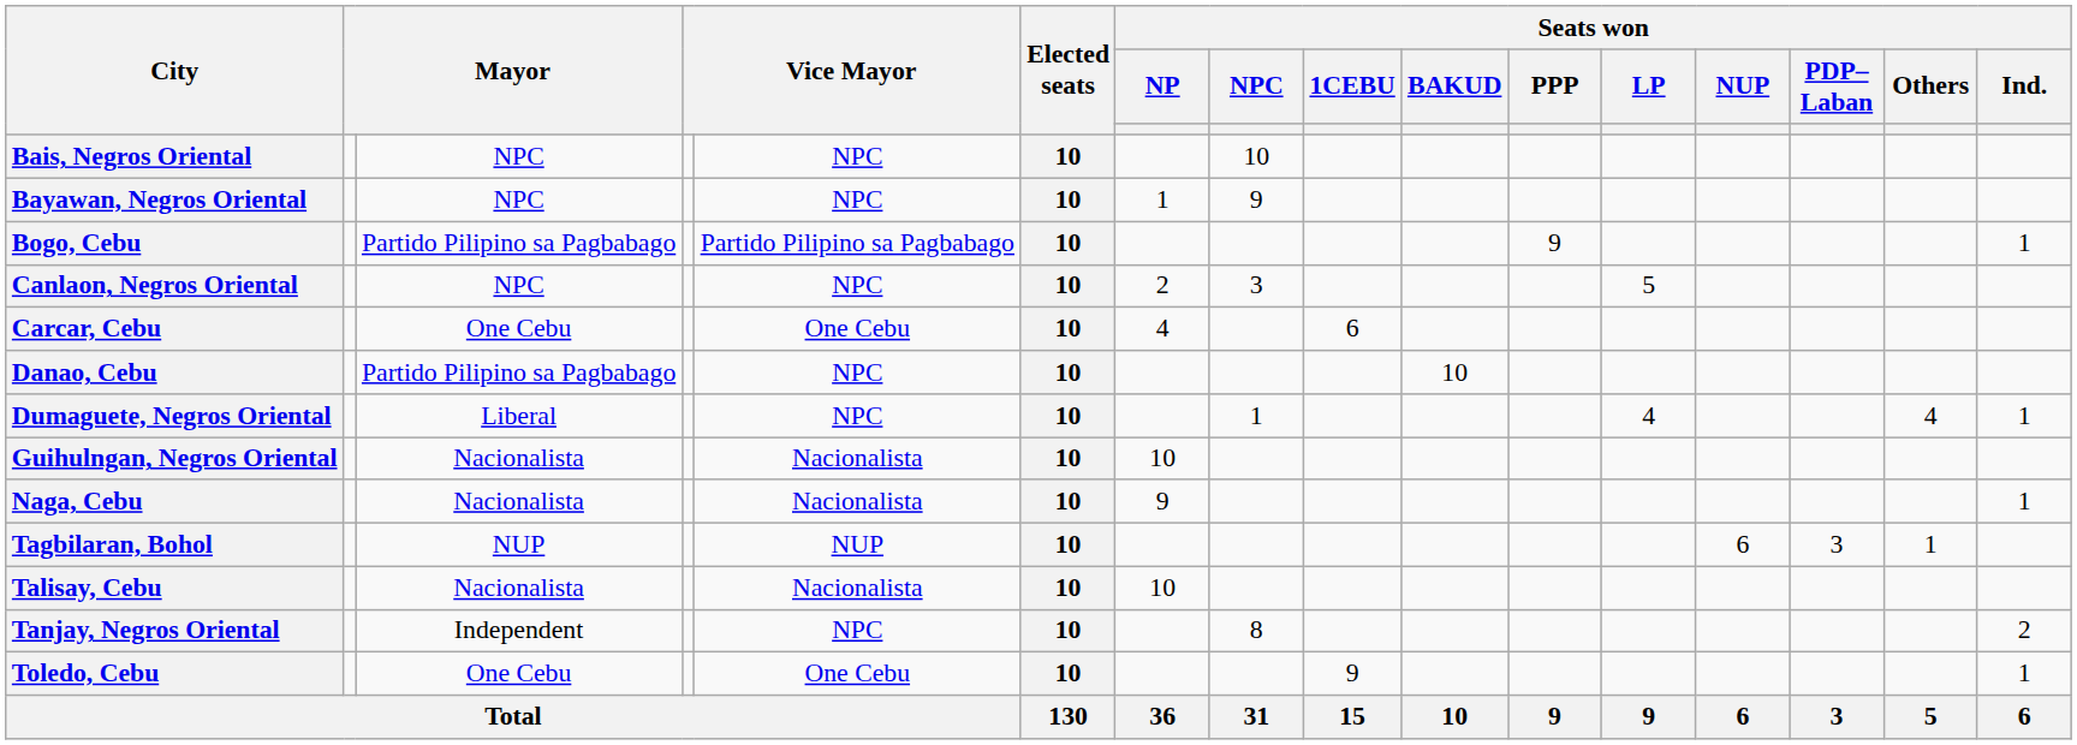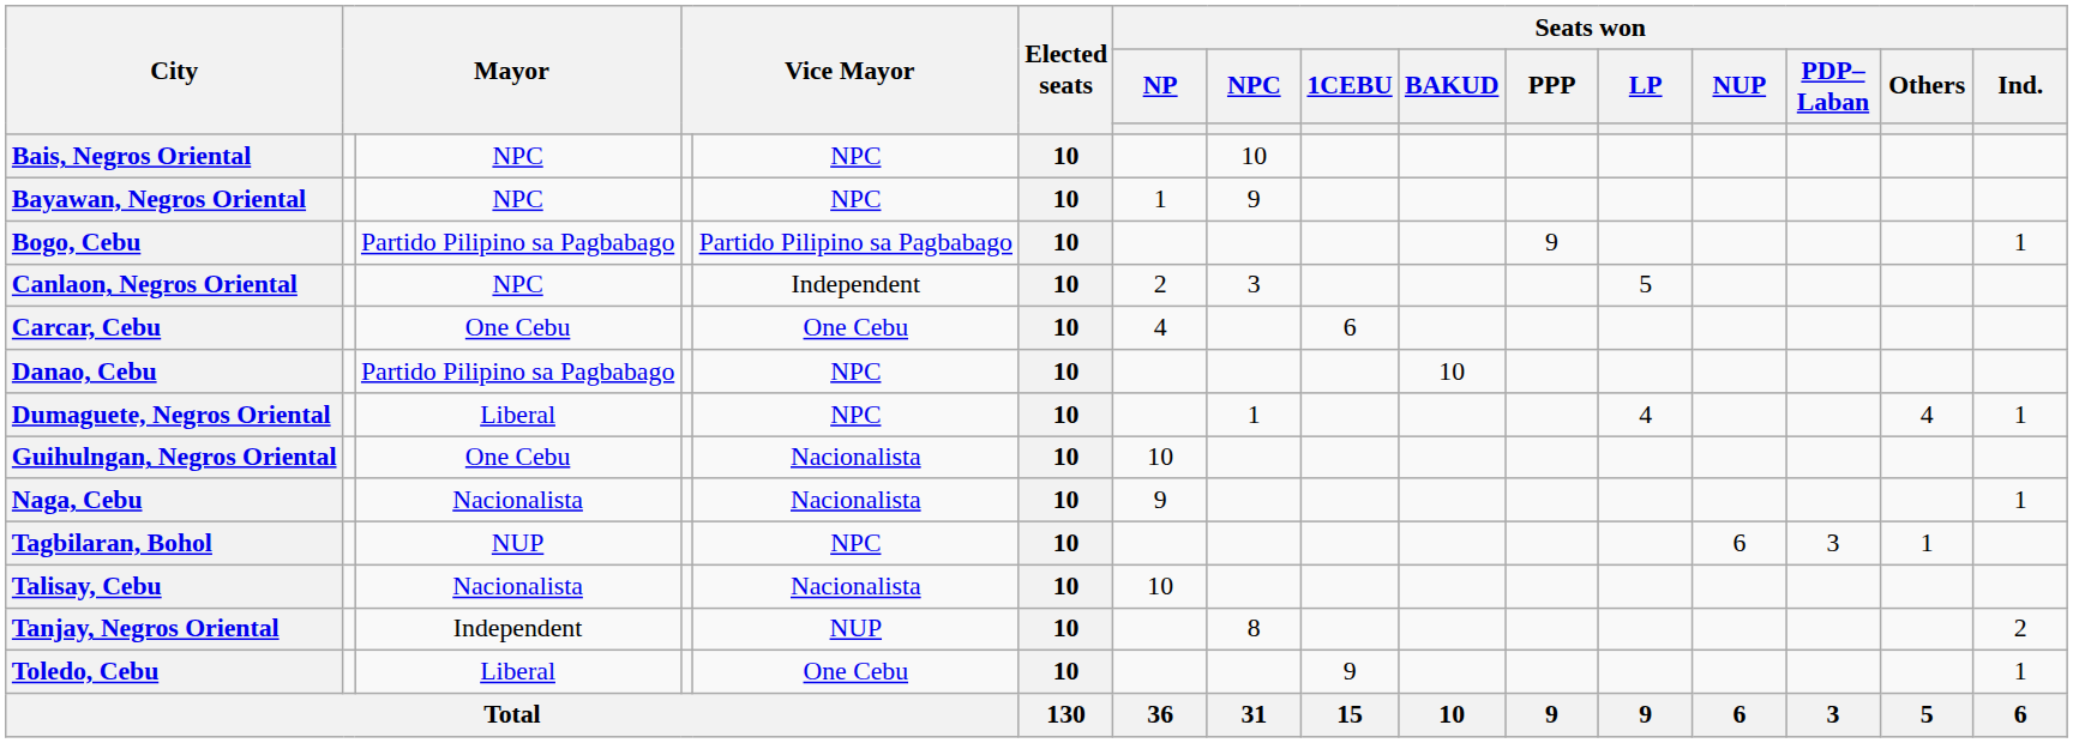 <table class="wikitable" style="text-align:center; font-size: 0.9em;">
 <tr>
 <th rowspan="3">City</th>
 <th colspan="2" rowspan="3" style="width:60px;">Mayor</th>
 <th colspan="2" rowspan="3" style="width:60px;">Vice Mayor</th>
 <th rowspan="3">Elected<br>seats</th>
 <th colspan="10">Seats won</th>
 </tr>
 <tr>
 <th class="unsortable" style="width:45px;"><a href='#'>NP</a></th>
 <th class="unsortable" style="width:45px;"><a href='#'>NPC</a></th>
 <th class="unsortable" style="width:45px;"><a href='#'>1CEBU</a></th>
 <th class="unsortable" style="width:45px;"><a href='#'>BAKUD</a></th>
 <th class="unsortable" style="width:45px;">PPP</th>
 <th class="unsortable" style="width:45px;"><a href='#'>LP</a></th>
 <th class="unsortable" style="width:45px;"><a href='#'>NUP</a></th>
 <th class="unsortable" style="width:45px;"><a href='#'>PDP–Laban</a></th>
 <th class="unsortable" style="width:45px;">Others</th>
 <th class="unsortable" style="width:45px;">Ind.</th>
 </tr>
 <tr>
 <th style="color:inherit;background:"></th>
 <th style="color:inherit;background:"></th>
 <th style="color:inherit;background:"></th>
 <th style="color:inherit;background:"></th>
 <th style="color:inherit;background:"></th>
 <th style="color:inherit;background:"></th>
 <th style="color:inherit;background:"></th>
 <th style="color:inherit;background:"></th>
 <th></th>
 <th style="color:inherit;background:"></th>
 </tr>
 <tr>
 <th style="text-align: left;"><a href='#'>Bais, Negros Oriental</a></th>
 <td style="color:inherit;background:"></td>
 <td><a href='#'>NPC</a></td>
 <td style="color:inherit;background:"></td>
 <td><a href='#'>NPC</a></td>
 <th>10</th>
 <td></td>
 <td>10</td>
 <td></td>
 <td></td>
 <td></td>
 <td></td>
 <td></td>
 <td></td>
 <td></td>
 <td></td>
 </tr>
 <tr>
 <th style="text-align: left;"><a href='#'>Bayawan, Negros Oriental</a></th>
 <td style="color:inherit;background:"></td>
 <td><a href='#'>NPC</a></td>
 <td style="color:inherit;background:"></td>
 <td><a href='#'>NPC</a></td>
 <th>10</th>
 <td>1</td>
 <td>9</td>
 <td></td>
 <td></td>
 <td></td>
 <td></td>
 <td></td>
 <td></td>
 <td></td>
 <td></td>
 </tr>
 <tr>
 <th style="text-align: left;"><a href='#'>Bogo, Cebu</a></th>
 <td style="color:inherit;background:"></td>
 <td><a href='#'>Partido Pilipino sa Pagbabago</a></td>
 <td style="color:inherit;background:"></td>
 <td><a href='#'>Partido Pilipino sa Pagbabago</a></td>
 <th>10</th>
 <td></td>
 <td></td>
 <td></td>
 <td></td>
 <td>9</td>
 <td></td>
 <td></td>
 <td></td>
 <td></td>
 <td>1</td>
 </tr>
 <tr>
 <th style="text-align: left;"><a href='#'>Canlaon, Negros Oriental</a></th>
 <td style="color:inherit;background:"></td>
 <td><a href='#'>NPC</a></td>
 <td style="color:inherit;background:"></td>
-<td><a href='#'>NPC</a></td>
+<td>Independent</td>
 <th>10</th>
 <td>2</td>
 <td>3</td>
 <td></td>
 <td></td>
 <td></td>
 <td>5</td>
 <td></td>
 <td></td>
 <td></td>
 <td></td>
 </tr>
 <tr>
 <th style="text-align: left;"><a href='#'>Carcar, Cebu</a></th>
 <td style="color:inherit;background:"></td>
 <td><a href='#'>One Cebu</a></td>
 <td style="color:inherit;background:"></td>
 <td><a href='#'>One Cebu</a></td>
 <th>10</th>
 <td>4</td>
 <td></td>
 <td>6</td>
 <td></td>
 <td></td>
 <td></td>
 <td></td>
 <td></td>
 <td></td>
 <td></td>
 </tr>
 <tr>
 <th style="text-align: left;"><a href='#'>Danao, Cebu</a></th>
 <td style="color:inherit;background:"></td>
 <td><a href='#'>Partido Pilipino sa Pagbabago</a></td>
 <td style="color:inherit;background:"></td>
 <td><a href='#'>NPC</a></td>
 <th>10</th>
 <td></td>
 <td></td>
 <td></td>
 <td>10</td>
 <td></td>
 <td></td>
 <td></td>
 <td></td>
 <td></td>
 <td></td>
 </tr>
 <tr>
 <th style="text-align: left;"><a href='#'>Dumaguete, Negros Oriental</a></th>
 <td style="color:inherit;background:"></td>
 <td><a href='#'>Liberal</a></td>
 <td style="color:inherit;background:"></td>
 <td><a href='#'>NPC</a></td>
 <th>10</th>
 <td></td>
 <td>1</td>
 <td></td>
 <td></td>
 <td></td>
 <td>4</td>
 <td></td>
 <td></td>
 <td>4 </td>
 <td>1</td>
 </tr>
 <tr>
 <th style="text-align: left;"><a href='#'>Guihulngan, Negros Oriental</a></th>
 <td style="color:inherit;background:"></td>
-<td><a href='#'>Nacionalista</a></td>
+<td><a href='#'>One Cebu</a></td>
 <td style="color:inherit;background:"></td>
 <td><a href='#'>Nacionalista</a></td>
 <th>10</th>
 <td>10</td>
 <td></td>
 <td></td>
 <td></td>
 <td></td>
 <td></td>
 <td></td>
 <td></td>
 <td></td>
 <td></td>
 </tr>
 <tr>
 <th style="text-align: left;"><a href='#'>Naga, Cebu</a></th>
 <td style="color:inherit;background:"></td>
 <td><a href='#'>Nacionalista</a></td>
 <td style="color:inherit;background:"></td>
 <td><a href='#'>Nacionalista</a></td>
 <th>10</th>
 <td>9</td>
 <td></td>
 <td></td>
 <td></td>
 <td></td>
 <td></td>
 <td></td>
 <td></td>
 <td></td>
 <td>1</td>
 </tr>
 <tr>
 <th style="text-align: left;"><a href='#'>Tagbilaran, Bohol</a></th>
 <td style="color:inherit;background:"></td>
 <td><a href='#'>NUP</a></td>
 <td style="color:inherit;background:"></td>
-<td><a href='#'>NUP</a></td>
+<td><a href='#'>NPC</a></td>
 <th>10</th>
 <td></td>
 <td></td>
 <td></td>
 <td></td>
 <td></td>
 <td></td>
 <td>6</td>
 <td>3</td>
 <td>1</td>
 <td></td>
 </tr>
 <tr>
 <th style="text-align: left;"><a href='#'>Talisay, Cebu</a></th>
 <td style="color:inherit;background:"></td>
 <td><a href='#'>Nacionalista</a></td>
 <td style="color:inherit;background:"></td>
 <td><a href='#'>Nacionalista</a></td>
 <th>10</th>
 <td>10</td>
 <td></td>
 <td></td>
 <td></td>
 <td></td>
 <td></td>
 <td></td>
 <td></td>
 <td></td>
 <td></td>
 </tr>
 <tr>
 <th style="text-align: left;"><a href='#'>Tanjay, Negros Oriental</a></th>
 <td style="color:inherit;background:"></td>
 <td>Independent</td>
 <td style="color:inherit;background:"></td>
-<td><a href='#'>NPC</a></td>
+<td><a href='#'>NUP</a></td>
 <th>10</th>
 <td></td>
 <td>8</td>
 <td></td>
 <td></td>
 <td></td>
 <td></td>
 <td></td>
 <td></td>
 <td></td>
 <td>2</td>
 </tr>
 <tr>
 <th style="text-align: left;"><a href='#'>Toledo, Cebu</a></th>
 <td style="color:inherit;background:"></td>
-<td><a href='#'>One Cebu</a></td>
+<td><a href='#'>Liberal</a></td>
 <td style="color:inherit;background:"></td>
 <td><a href='#'>One Cebu</a></td>
 <th>10</th>
 <td></td>
 <td></td>
 <td>9</td>
 <td></td>
 <td></td>
 <td></td>
 <td></td>
 <td></td>
 <td></td>
 <td>1</td>
 </tr>
 <tr>
 <th colspan="5">Total</th>
 <th>130</th>
 <th>36</th>
 <th>31</th>
 <th>15</th>
 <th>10</th>
 <th>9</th>
 <th>9</th>
 <th>6</th>
 <th>3</th>
 <th>5</th>
 <th>6</th>
 </tr>
 </table>
